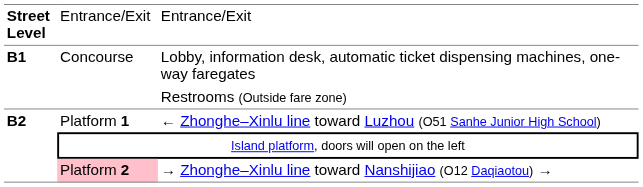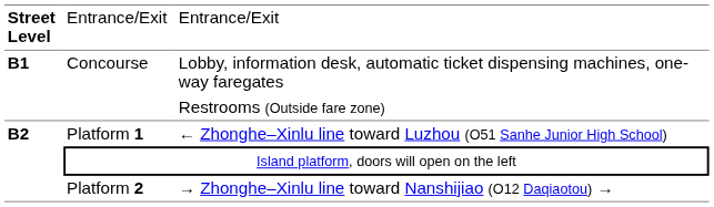 <table table border=0 cellspacing=0 cellpadding=3>
 <tr>
 <td style="border-bottom:solid 1px gray;border-top:solid 1px gray;" width=50 valign=top><strong>Street Level</strong></td>
 <td style="border-top:solid 1px gray;border-bottom:solid 1px gray;" width=100 valign=top>Entrance/Exit</td>
 <td style="border-top:solid 1px gray;border-bottom:solid 1px gray;" width=500 valign=top>Entrance/Exit</td>
 </tr>
 <tr>
 <td style="border-bottom:solid 1px gray;" rowspan=2 valign=top><strong>B1</strong></td>
 <td style="border-bottom:solid 1px gray;" rowspan=2 valign=top>Concourse</td>
 <td width=410>Lobby, information desk, automatic ticket dispensing machines, one-way faregates</td>
 </tr>
 <tr>
 <td style="border-bottom:solid 1px gray;">Restrooms <small> (Outside fare zone)</small></td>
 </tr>
 <tr>
 <td style="border-bottom:solid 1px gray;" rowspan=3 valign=top><strong>B2</strong></td>
 <td>Platform <span><strong>1</strong></span></td>
 <td>←  <a href='#'>Zhonghe–Xinlu line</a> toward <a href='#'>Luzhou</a> <small>(O51 <a href='#'>Sanhe Junior High School</a>)</small></td>
 </tr>
 <tr>
 <td style="border-top:solid 2px black;border-right:solid 2px black;border-left:solid 2px black;border-bottom:solid 2px black;text-align:center;" colspan=2><small><a href='#'>Island platform</a>, doors will open on the left</small></td>
 </tr>
 <tr>
-<td style="background: pink; border-bottom:solid 1px gray;">Platform <span><strong>2</strong></span></td>
+<td style="border-bottom:solid 1px gray;">Platform <span><strong>2</strong></span></td>
 <td style="border-bottom:solid 1px gray;"><span>→</span>  <a href='#'>Zhonghe–Xinlu line</a> toward <a href='#'>Nanshijiao</a> <small>(O12 <a href='#'>Daqiaotou</a>)</small> →</td>
 </tr>
 </table>
